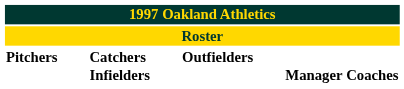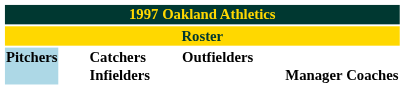 <table class="toccolours" style="font-size: 95%;">
 <tr>
 <th colspan="10" style="background-color: #003831; color: #FFD800; text-align: center;">1997 Oakland Athletics</th>
 </tr>
 <tr>
 <td colspan="10" style="background-color: #FFD800; color: #003831; text-align: center;"><strong>Roster</strong></td>
 </tr>
 <tr>
-<td valign="top"><strong>Pitchers</strong><br>                         </td>
+<td valign="top" style="background: lightblue;"><strong>Pitchers</strong><br>                         </td>
 <td width="25px"></td>
 <td valign="top"><strong>Catchers</strong><br>   <strong>Infielders</strong>          </td>
 <td width="25px"></td>
 <td valign="top"><strong>Outfielders</strong><br>         </td>
 <td width="25px"></td>
 <td valign="top"><br><strong>Manager</strong>  <strong>Coaches</strong>     </td>
 </tr>
 </table>
